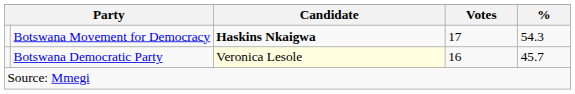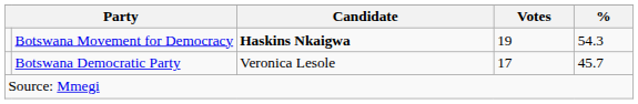 <table class="wikitable">
 <tr style="background-color:#E9E9E9">
 </tr>
 <tr style="background-color:#E9E9E9">
 <th colspan=2 style="width: 130px">Party</th>
 <th style="width: 17em">Candidate</th>
 <th style="width: 5em">Votes</th>
 <th style="width: 3.5em">%</th>
 </tr>
 <tr>
 <td></td>
 <td><a href='#'>Botswana Movement for Democracy</a></td>
 <td><strong>Haskins Nkaigwa</strong></td>
-<td>17</td>
+<td>19</td>
 <td>54.3</td>
 </tr>
 <tr>
 <td></td>
 <td><a href='#'>Botswana Democratic Party</a></td>
-<td style="background: lightyellow;">Veronica Lesole</td>
-<td>16</td>
+<td>Veronica Lesole</td>
+<td>17</td>
 <td>45.7</td>
 </tr>
 <tr>
 <td colspan=5>Source: <a href='#'>Mmegi</a></td>
 </tr>
 </table>
